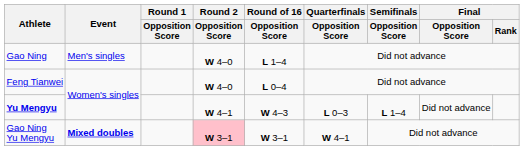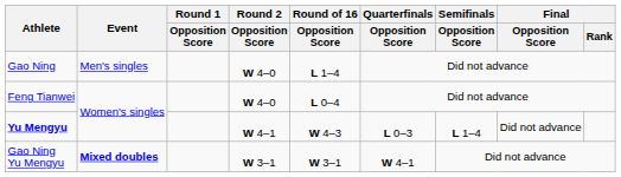 <table class=wikitable style="font-size:90%; text-align:center;">
 <tr>
 <th rowspan="2">Athlete</th>
 <th rowspan="2">Event</th>
 <th>Round 1</th>
 <th>Round 2</th>
 <th>Round of 16</th>
 <th>Quarterfinals</th>
 <th>Semifinals</th>
 <th colspan=2>Final</th>
 </tr>
 <tr style="font-size:95%">
 <th>Opposition<br>Score</th>
 <th>Opposition<br>Score</th>
 <th>Opposition<br>Score</th>
 <th>Opposition<br>Score</th>
 <th>Opposition<br>Score</th>
 <th>Opposition<br>Score</th>
 <th>Rank</th>
 </tr>
 <tr>
 <td align=left><a href='#'>Gao Ning</a></td>
 <td align=left><a href='#'>Men's singles</a></td>
 <td></td>
 <td><br><strong>W</strong> 4–0</td>
 <td><br><strong>L</strong> 1–4</td>
 <td colspan=4>Did not advance</td>
 </tr>
 <tr>
 <td align=left><a href='#'>Feng Tianwei</a></td>
 <td align=left rowspan=2><a href='#'>Women's singles</a></td>
 <td></td>
 <td><br><strong>W</strong> 4–0</td>
 <td><br><strong>L</strong> 0–4</td>
 <td colspan=6>Did not advance</td>
 </tr>
 <tr>
 <td align=left><strong><a href='#'>Yu Mengyu</a></strong></td>
 <td></td>
 <td><br><strong>W</strong> 4–1</td>
 <td><br><strong>W</strong> 4–3</td>
 <td><br><strong>L</strong> 0–3</td>
 <td><br><strong>L</strong> 1–4</td>
 <td>Did not advance</td>
 <td></td>
 </tr>
 <tr>
 <td align=left><a href='#'>Gao Ning</a><br><a href='#'>Yu Mengyu</a></td>
 <td align=left><strong><a href='#'>Mixed doubles</a></strong></td>
 <td></td>
-<td style="background: pink;"><br><strong>W</strong> 3–1</td>
+<td><br><strong>W</strong> 3–1</td>
 <td><br><strong>W</strong> 3–1</td>
 <td><br><strong>W</strong> 4–1</td>
 <td colspan=3>Did not advance</td>
 </tr>
 </table>
